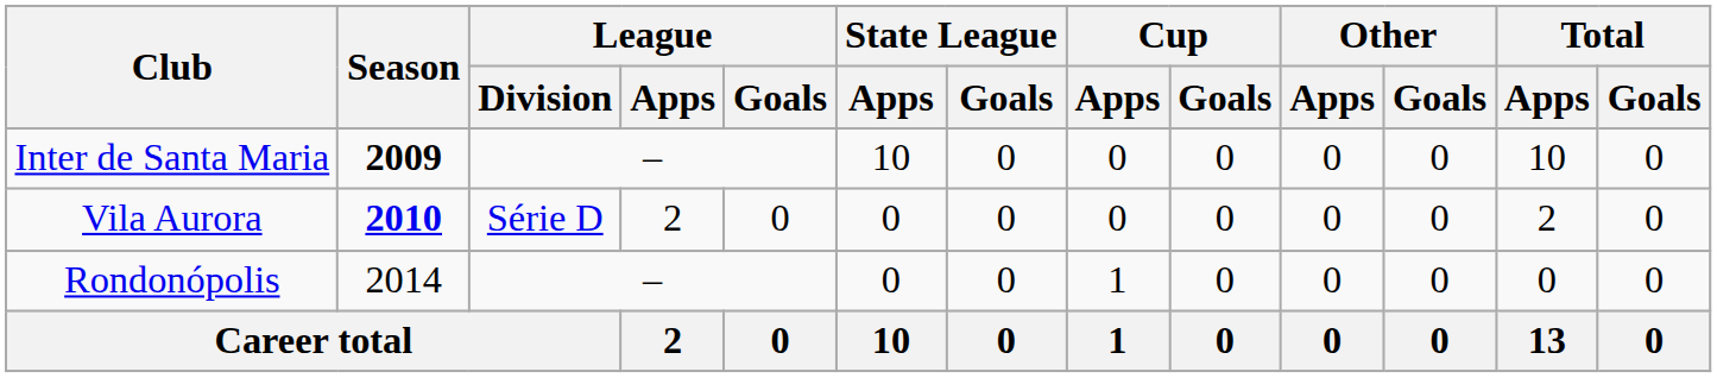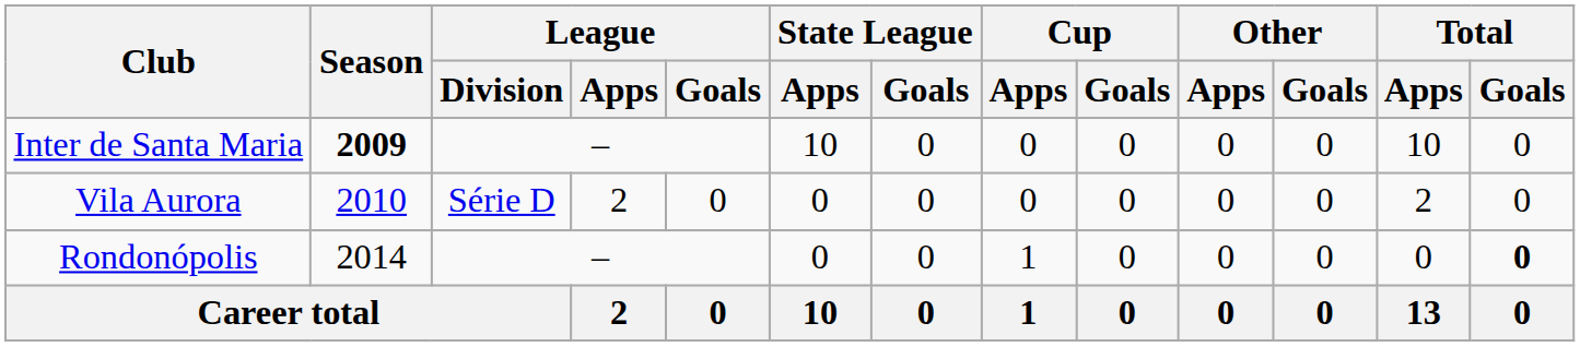 <table class="wikitable" style="text-align: center">
 <tr>
 <th rowspan="2">Club</th>
 <th rowspan="2">Season</th>
 <th colspan="3">League</th>
 <th colspan="2">State League</th>
 <th colspan="2">Cup</th>
 <th colspan="2">Other</th>
 <th colspan="2">Total</th>
 </tr>
 <tr>
 <th>Division</th>
 <th>Apps</th>
 <th>Goals</th>
 <th>Apps</th>
 <th>Goals</th>
 <th>Apps</th>
 <th>Goals</th>
 <th>Apps</th>
 <th>Goals</th>
 <th>Apps</th>
 <th>Goals</th>
 </tr>
 <tr>
 <td><a href='#'>Inter de Santa Maria</a></td>
 <td><strong>2009</strong></td>
 <td colspan="3">–</td>
 <td>10</td>
 <td>0</td>
 <td>0</td>
 <td>0</td>
 <td>0</td>
 <td>0</td>
 <td>10</td>
 <td>0</td>
 </tr>
 <tr>
 <td><a href='#'>Vila Aurora</a></td>
-<td><strong><a href='#'>2010</a></strong></td>
+<td><a href='#'>2010</a></td>
 <td><a href='#'>Série D</a></td>
 <td>2</td>
 <td>0</td>
 <td>0</td>
 <td>0</td>
 <td>0</td>
 <td>0</td>
 <td>0</td>
 <td>0</td>
 <td>2</td>
 <td>0</td>
 </tr>
 <tr>
 <td><a href='#'>Rondonópolis</a></td>
 <td>2014</td>
 <td colspan="3">–</td>
 <td>0</td>
 <td>0</td>
 <td>1</td>
 <td>0</td>
 <td>0</td>
 <td>0</td>
 <td>0</td>
-<td>0</td>
+<td><strong>0</strong></td>
 </tr>
 <tr>
 <th colspan="3"><strong>Career total</strong></th>
 <th>2</th>
 <th>0</th>
 <th>10</th>
 <th>0</th>
 <th>1</th>
 <th>0</th>
 <th>0</th>
 <th>0</th>
 <th>13</th>
 <th>0</th>
 </tr>
 </table>
